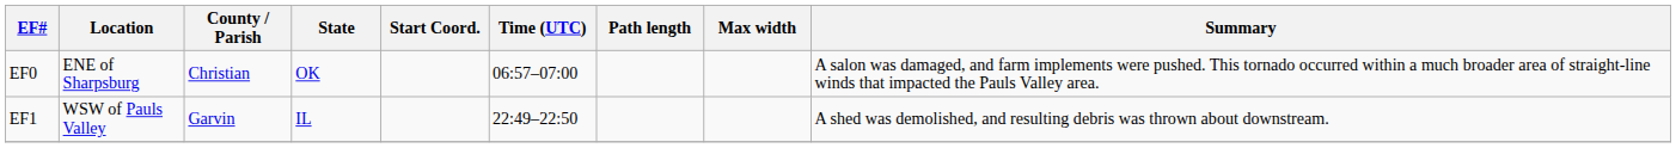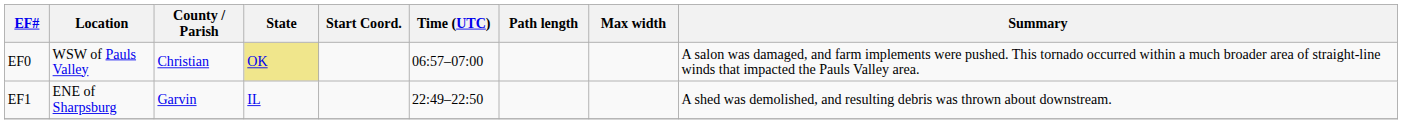 <table class="wikitable sortable" style="width:100%;">
 <tr>
 <th scope="col"  style="width:3%; text-align:center;"><a href='#'>EF#</a></th>
 <th scope="col"  style="width:7%; text-align:center;" class="unsortable">Location</th>
 <th scope="col"  style="width:6%; text-align:center;" class="unsortable">County / Parish</th>
 <th scope="col"  style="width:5%; text-align:center;">State</th>
 <th scope="col"  style="width:6%; text-align:center;">Start Coord.</th>
 <th scope="col"  style="width:6%; text-align:center;">Time (<a href='#'>UTC</a>)</th>
 <th scope="col"  style="width:6%; text-align:center;">Path length</th>
 <th scope="col"  style="width:6%; text-align:center;">Max width</th>
 <th scope="col" class="unsortable" style="width:48%; text-align:center;">Summary</th>
 </tr>
 <tr>
 <td>EF0</td>
-<td>ENE of <a href='#'>Sharpsburg</a></td>
+<td>WSW of <a href='#'>Pauls Valley</a></td>
 <td><a href='#'>Christian</a></td>
-<td><a href='#'>OK</a></td>
+<td style="background: khaki;"><a href='#'>OK</a></td>
 <td></td>
 <td>06:57–07:00</td>
 <td></td>
 <td></td>
 <td>A salon was damaged, and farm implements were pushed. This tornado occurred within a much broader area of straight-line winds that impacted the Pauls Valley area.</td>
 </tr>
 <tr>
 <td>EF1</td>
-<td>WSW of <a href='#'>Pauls Valley</a></td>
+<td>ENE of <a href='#'>Sharpsburg</a></td>
 <td><a href='#'>Garvin</a></td>
 <td><a href='#'>IL</a></td>
 <td></td>
 <td>22:49–22:50</td>
 <td></td>
 <td></td>
 <td>A shed was demolished, and resulting debris was thrown about  downstream.</td>
 </tr>
 <tr>
 </tr>
 </table>
